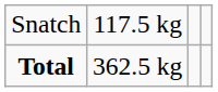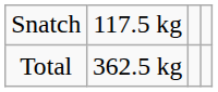 <table class = "wikitable" style="text-align:center;">
 <tr>
 <td>Snatch</td>
 <td>117.5 kg</td>
 <td align=left></td>
 <td></td>
 </tr>
 <tr>
-<td><strong>Total</strong></td>
+<td>Total</td>
 <td>362.5 kg</td>
 <td align=left></td>
 <td></td>
 </tr>
 </table>
